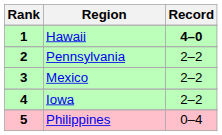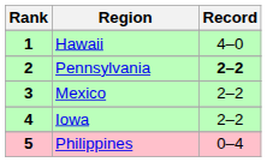 <table class="wikitable">
 <tr>
 <th>Rank</th>
 <th>Region</th>
 <th>Record</th>
 </tr>
 <tr>
 </tr>
 <tr bgcolor="bbffbb">
 <td align=center><strong>1</strong></td>
 <td align="left" width="120"> <a href='#'>Hawaii</a></td>
-<td align=center><strong>4–0</strong></td>
+<td align=center>4–0</td>
 </tr>
 <tr>
 </tr>
 <tr bgcolor="bbffbb">
 <td align=center><strong>2</strong></td>
 <td align="left" width="120"> <a href='#'>Pennsylvania</a></td>
-<td align=center>2–2</td>
+<td align=center><strong>2–2</strong></td>
 </tr>
 <tr>
 </tr>
 <tr bgcolor="bbffbb">
 <td align=center><strong>3</strong></td>
 <td align="left" width="140"> <a href='#'>Mexico</a></td>
 <td align=center>2–2</td>
 </tr>
 <tr>
 </tr>
 <tr bgcolor="bbffbb">
 <td align=center><strong>4</strong></td>
 <td align="left" width="120"> <a href='#'>Iowa</a></td>
 <td align=center>2–2</td>
 </tr>
 <tr>
 </tr>
 <tr bgcolor="ffc0cb">
 <td align=center><strong>5</strong></td>
 <td align="left" width="120"> <a href='#'>Philippines</a></td>
 <td align=center>0–4</td>
 </tr>
 </table>
